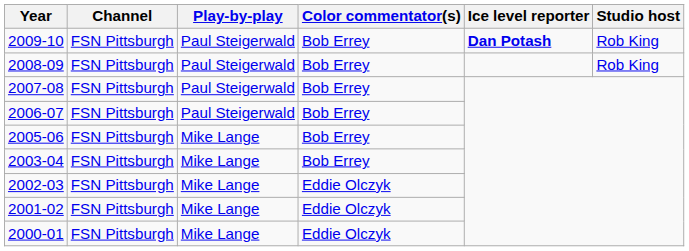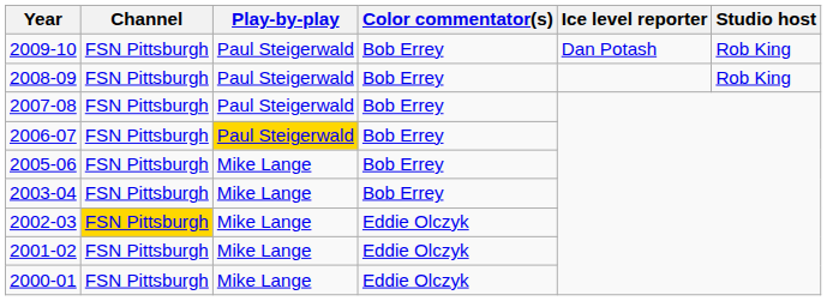 <table class="wikitable">
 <tr>
 <th>Year</th>
 <th>Channel</th>
 <th><a href='#'>Play-by-play</a></th>
 <th><a href='#'>Color commentator</a>(s)</th>
 <th>Ice level reporter</th>
 <th>Studio host</th>
 </tr>
 <tr>
 <td><a href='#'>2009-10</a></td>
 <td><a href='#'>FSN Pittsburgh</a></td>
 <td><a href='#'>Paul Steigerwald</a></td>
 <td><a href='#'>Bob Errey</a></td>
-<td><strong><a href='#'>Dan Potash</a></strong></td>
+<td><a href='#'>Dan Potash</a></td>
 <td><a href='#'>Rob King</a></td>
 </tr>
 <tr>
 <td><a href='#'>2008-09</a></td>
 <td><a href='#'>FSN Pittsburgh</a></td>
 <td><a href='#'>Paul Steigerwald</a></td>
 <td><a href='#'>Bob Errey</a></td>
 <td></td>
 <td><a href='#'>Rob King</a></td>
 </tr>
 <tr>
 <td><a href='#'>2007-08</a></td>
 <td><a href='#'>FSN Pittsburgh</a></td>
 <td><a href='#'>Paul Steigerwald</a></td>
 <td><a href='#'>Bob Errey</a></td>
 </tr>
 <tr>
 <td><a href='#'>2006-07</a></td>
 <td><a href='#'>FSN Pittsburgh</a></td>
-<td><a href='#'>Paul Steigerwald</a></td>
+<td style="background: gold;"><a href='#'>Paul Steigerwald</a></td>
 <td><a href='#'>Bob Errey</a></td>
 </tr>
 <tr>
 <td><a href='#'>2005-06</a></td>
 <td><a href='#'>FSN Pittsburgh</a></td>
 <td><a href='#'>Mike Lange</a></td>
 <td><a href='#'>Bob Errey</a></td>
 </tr>
 <tr>
 <td><a href='#'>2003-04</a></td>
 <td><a href='#'>FSN Pittsburgh</a></td>
 <td><a href='#'>Mike Lange</a></td>
 <td><a href='#'>Bob Errey</a></td>
 </tr>
 <tr>
 <td><a href='#'>2002-03</a></td>
-<td><a href='#'>FSN Pittsburgh</a></td>
+<td style="background: gold;"><a href='#'>FSN Pittsburgh</a></td>
 <td><a href='#'>Mike Lange</a></td>
 <td><a href='#'>Eddie Olczyk</a></td>
 </tr>
 <tr>
 <td><a href='#'>2001-02</a></td>
 <td><a href='#'>FSN Pittsburgh</a></td>
 <td><a href='#'>Mike Lange</a></td>
 <td><a href='#'>Eddie Olczyk</a></td>
 </tr>
 <tr>
 <td><a href='#'>2000-01</a></td>
 <td><a href='#'>FSN Pittsburgh</a></td>
 <td><a href='#'>Mike Lange</a></td>
 <td><a href='#'>Eddie Olczyk</a></td>
 </tr>
 </table>
